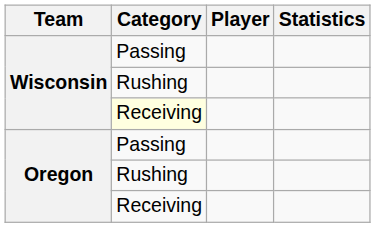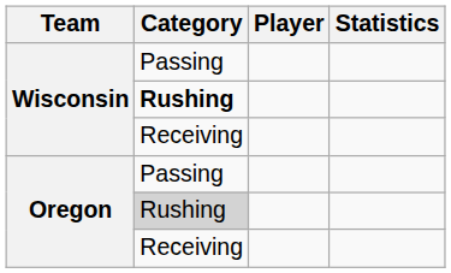 <table class="wikitable" style="float:right">
 <tr>
 <th>Team</th>
 <th>Category</th>
 <th>Player</th>
 <th>Statistics</th>
 </tr>
 <tr>
 <th rowspan=3>Wisconsin</th>
 <td>Passing</td>
 <td></td>
 <td></td>
 </tr>
 <tr>
-<td>Rushing</td>
+<td><strong>Rushing</strong></td>
 <td></td>
 <td></td>
 </tr>
 <tr>
-<td style="background: lightyellow;">Receiving</td>
+<td>Receiving</td>
 <td></td>
 <td></td>
 </tr>
 <tr>
 <th rowspan=3>Oregon</th>
 <td>Passing</td>
 <td></td>
 <td></td>
 </tr>
 <tr>
-<td>Rushing</td>
+<td style="background: lightgrey;">Rushing</td>
 <td></td>
 <td></td>
 </tr>
 <tr>
 <td>Receiving</td>
 <td></td>
 <td></td>
 </tr>
 </table>
